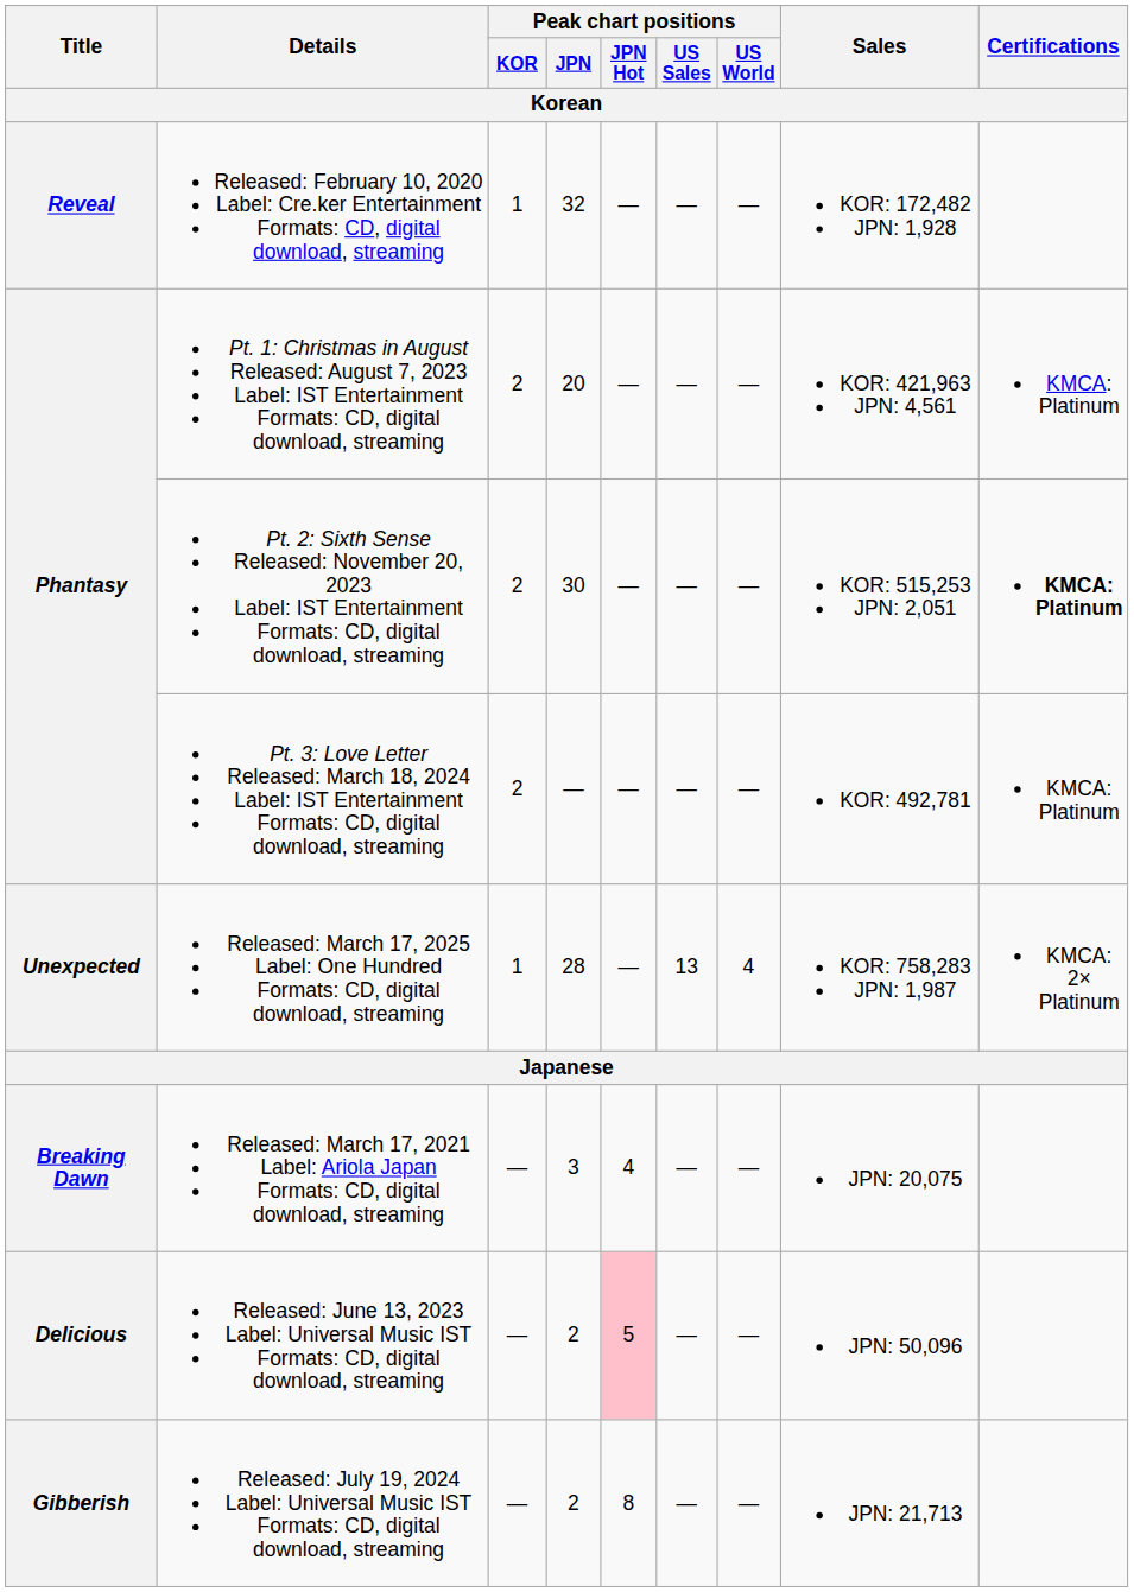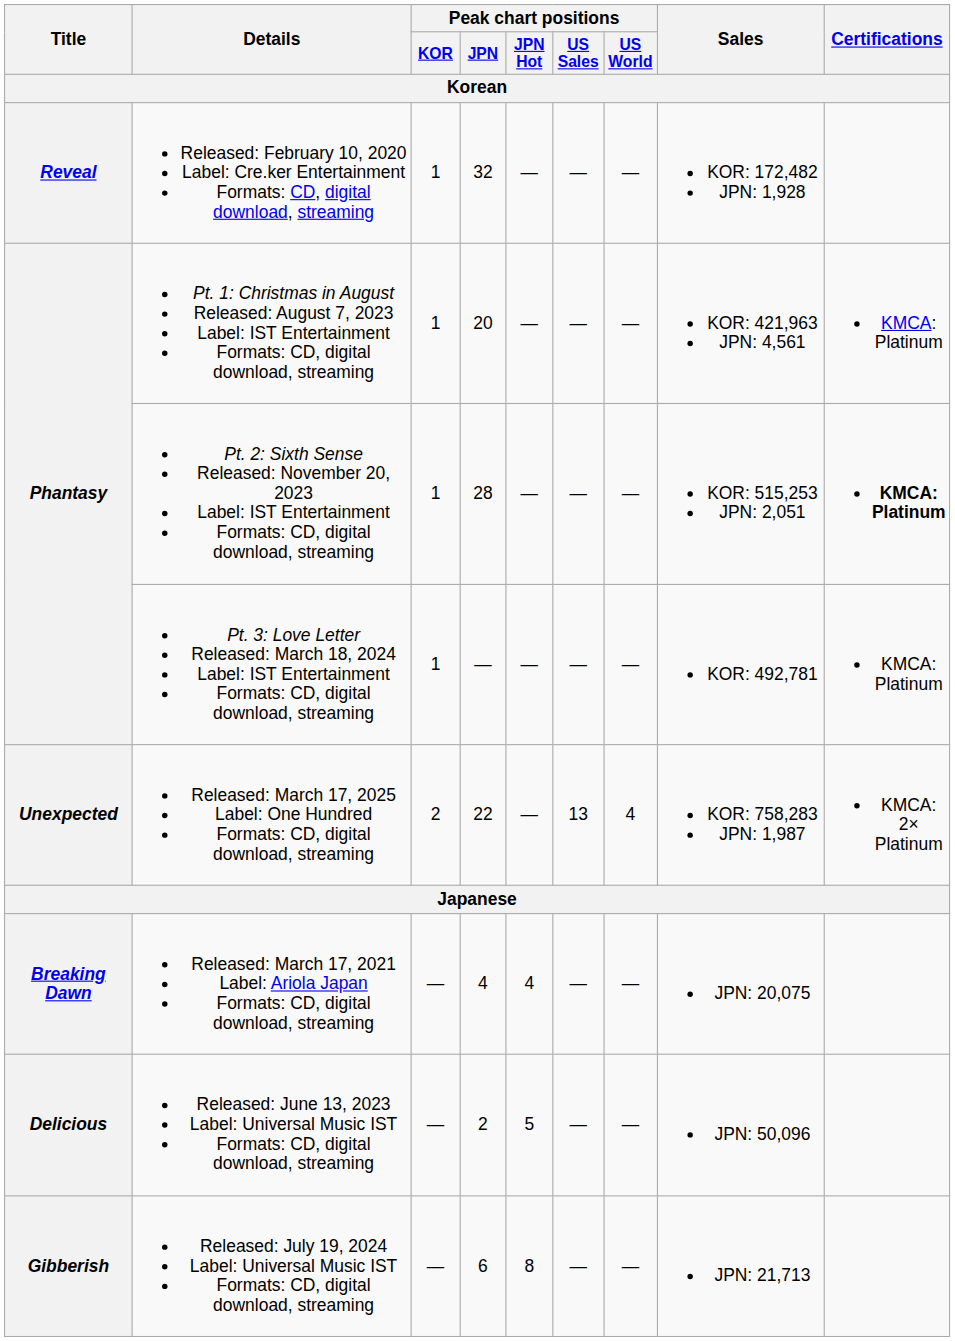 <table class="wikitable plainrowheaders" style="text-align:center;">
 <tr>
 <th scope="col" rowspan="2" style="width:8em">Title</th>
 <th scope="col" rowspan="2" style="width:22em">Details</th>
 <th scope="col" colspan="5">Peak chart positions</th>
 <th scope="col" rowspan="2" style="width:12em">Sales</th>
 <th scope="col" rowspan="2"><a href='#'>Certifications</a></th>
 </tr>
 <tr>
 <th scope="col" style="width:3em;font-size:90%;"><a href='#'>KOR</a><br></th>
 <th scope="col" style="width:3em;font-size:90%;"><a href='#'>JPN</a><br></th>
 <th scope="col" style="width:3em;font-size:90%;"><a href='#'>JPN Hot</a><br></th>
 <th scope="col" style="width:3em;font-size:90%;"><a href='#'>US<br>Sales</a><br></th>
 <th scope="col" style="width:3em;font-size:90%;"><a href='#'>US<br>World</a><br></th>
 </tr>
 <tr>
 <th colspan="9">Korean</th>
 </tr>
 <tr>
 <th scope="row"><em><a href='#'>Reveal</a></em></th>
 <td><br><ul><li>Released: February 10, 2020</li><li>Label: Cre.ker Entertainment</li><li>Formats: <a href='#'>CD</a>, <a href='#'>digital download</a>, <a href='#'>streaming</a></li></ul></td>
 <td>1</td>
 <td>32</td>
 <td>—</td>
 <td>—</td>
 <td>—</td>
 <td><br><ul><li>KOR: 172,482</li><li>JPN: 1,928 </li></ul></td>
 <td></td>
 </tr>
 <tr>
 <th scope="row" rowspan="3"><em>Phantasy</em></th>
 <td><br><ul><li><em>Pt. 1: Christmas in August</em></li><li>Released: August 7, 2023</li><li>Label: IST Entertainment</li><li>Formats: CD, digital download, streaming</li></ul></td>
-<td>2</td>
+<td>1</td>
 <td>20</td>
 <td>—</td>
 <td>—</td>
 <td>—</td>
 <td><br><ul><li>KOR: 421,963</li><li>JPN: 4,561 </li></ul></td>
 <td><br><ul><li><a href='#'>KMCA</a>: Platinum</li></ul></td>
 </tr>
 <tr>
 <td><br><ul><li><em>Pt. 2: Sixth Sense</em></li><li>Released: November 20, 2023</li><li>Label: IST Entertainment</li><li>Formats: CD, digital download, streaming</li></ul></td>
-<td>2</td>
-<td>30</td>
+<td>1</td>
+<td>28</td>
 <td>—</td>
 <td>—</td>
 <td>—</td>
 <td><br><ul><li>KOR: 515,253</li><li>JPN: 2,051 </li></ul></td>
 <td><strong><br><ul><li>KMCA: Platinum</li></ul></strong></td>
 </tr>
 <tr>
 <td><br><ul><li><em>Pt. 3: Love Letter</em></li><li>Released: March 18, 2024</li><li>Label: IST Entertainment</li><li>Formats: CD, digital download, streaming</li></ul></td>
-<td>2</td>
+<td>1</td>
 <td>—</td>
 <td>—</td>
 <td>—</td>
 <td>—</td>
 <td><br><ul><li>KOR: 492,781</li></ul></td>
 <td><br><ul><li>KMCA: Platinum</li></ul></td>
 </tr>
 <tr>
 <th scope="row"><em>Unexpected</em></th>
 <td><br><ul><li>Released: March 17, 2025</li><li>Label: One Hundred</li><li>Formats: CD, digital download, streaming</li></ul></td>
-<td>1</td>
-<td>28</td>
+<td>2</td>
+<td>22</td>
 <td>—</td>
 <td>13</td>
 <td>4</td>
 <td><br><ul><li>KOR: 758,283</li><li>JPN: 1,987 </li></ul></td>
 <td><br><ul><li>KMCA: 2× Platinum</li></ul></td>
 </tr>
 <tr>
 <th colspan="9">Japanese</th>
 </tr>
 <tr>
 <th scope="row"><em><a href='#'>Breaking Dawn</a></em></th>
 <td><br><ul><li>Released: March 17, 2021</li><li>Label: <a href='#'>Ariola Japan</a></li><li>Formats: CD, digital download, streaming</li></ul></td>
 <td>—</td>
-<td>3</td>
+<td>4</td>
 <td>4</td>
 <td>—</td>
 <td>—</td>
 <td><br><ul><li>JPN: 20,075 </li></ul></td>
 <td></td>
 </tr>
 <tr>
 <th scope="row"><em>Delicious</em></th>
 <td><br><ul><li>Released: June 13, 2023</li><li>Label: Universal Music IST</li><li>Formats: CD, digital download, streaming</li></ul></td>
 <td>—</td>
 <td>2</td>
-<td style="background: pink;">5</td>
+<td>5</td>
 <td>—</td>
 <td>—</td>
 <td><br><ul><li>JPN: 50,096 </li></ul></td>
 <td></td>
 </tr>
 <tr>
 <th scope="row"><em>Gibberish</em></th>
 <td><br><ul><li>Released: July 19, 2024</li><li>Label: Universal Music IST</li><li>Formats: CD, digital download, streaming</li></ul></td>
 <td>—</td>
-<td>2</td>
+<td>6</td>
 <td>8</td>
 <td>—</td>
 <td>—</td>
 <td><br><ul><li>JPN: 21,713 </li></ul></td>
 <td></td>
 </tr>
 </table>
